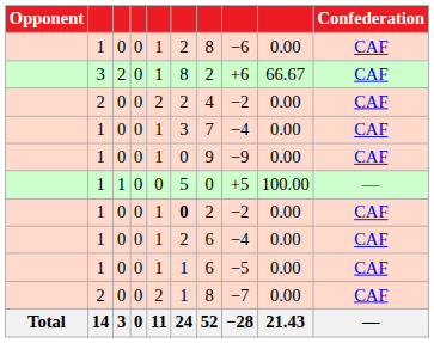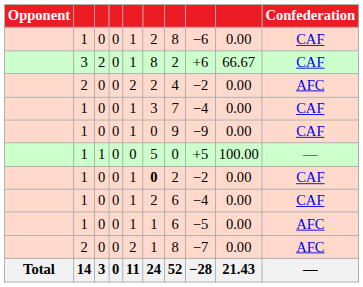 <table class="wikitable sortable" style="text-align:center;">
 <tr style="color:white">
 <th style="background-color:#ED1C24;color:white">Opponent</th>
 <th style="background-color:#ED1C24;"></th>
 <th style="background-color:#ED1C24;"></th>
 <th style="background-color:#ED1C24;"></th>
 <th style="background-color:#ED1C24;"></th>
 <th style="background-color:#ED1C24;"></th>
 <th style="background-color:#ED1C24;"></th>
 <th style="background-color:#ED1C24;"></th>
 <th style="background-color:#ED1C24;"></th>
 <th style="background-color:#ED1C24;color:white">Confederation</th>
 </tr>
 <tr bgcolor=FFDACC>
 <td style="text-align:left;"></td>
 <td>1</td>
 <td>0</td>
 <td>0</td>
 <td>1</td>
 <td>2</td>
 <td>8</td>
 <td>−6</td>
 <td>0.00</td>
 <td><a href='#'>CAF</a></td>
 </tr>
 <tr bgcolor=CCFFCC>
 <td style="text-align:left;"></td>
 <td>3</td>
 <td>2</td>
 <td>0</td>
 <td>1</td>
 <td>8</td>
 <td>2</td>
 <td>+6</td>
 <td>66.67</td>
 <td><a href='#'>CAF</a></td>
 </tr>
 <tr bgcolor=FFDACC>
 <td style="text-align:left;"></td>
 <td>2</td>
 <td>0</td>
 <td>0</td>
 <td>2</td>
 <td>2</td>
 <td>4</td>
 <td>−2</td>
 <td>0.00</td>
-<td><a href='#'>CAF</a></td>
+<td><a href='#'>AFC</a></td>
 </tr>
 <tr bgcolor=FFDACC>
 <td style="text-align:left;"></td>
 <td>1</td>
 <td>0</td>
 <td>0</td>
 <td>1</td>
 <td>3</td>
 <td>7</td>
 <td>−4</td>
 <td>0.00</td>
 <td><a href='#'>CAF</a></td>
 </tr>
 <tr bgcolor=FFDACC>
 <td style="text-align:left;"></td>
 <td>1</td>
 <td>0</td>
 <td>0</td>
 <td>1</td>
 <td>0</td>
 <td>9</td>
 <td>−9</td>
 <td>0.00</td>
 <td><a href='#'>CAF</a></td>
 </tr>
 <tr bgcolor=CCFFCC>
 <td style="text-align:left;"></td>
 <td>1</td>
 <td>1</td>
 <td>0</td>
 <td>0</td>
 <td>5</td>
 <td>0</td>
 <td>+5</td>
 <td>100.00</td>
 <td>—</td>
 </tr>
 <tr bgcolor=FFDACC>
 <td style="text-align:left;"></td>
 <td>1</td>
 <td>0</td>
 <td>0</td>
 <td>1</td>
 <td><strong>0</strong></td>
 <td>2</td>
 <td>−2</td>
 <td>0.00</td>
 <td><a href='#'>CAF</a></td>
 </tr>
 <tr bgcolor=FFDACC>
 <td style="text-align:left;"></td>
 <td>1</td>
 <td>0</td>
 <td>0</td>
 <td>1</td>
 <td>2</td>
 <td>6</td>
 <td>−4</td>
 <td>0.00</td>
 <td><a href='#'>CAF</a></td>
 </tr>
 <tr bgcolor=FFDACC>
 <td style="text-align:left;"></td>
 <td>1</td>
 <td>0</td>
 <td>0</td>
 <td>1</td>
 <td>1</td>
 <td>6</td>
 <td>−5</td>
 <td>0.00</td>
-<td><a href='#'>CAF</a></td>
+<td><a href='#'>AFC</a></td>
 </tr>
 <tr bgcolor=FFDACC>
 <td style="text-align:left;"></td>
 <td>2</td>
 <td>0</td>
 <td>0</td>
 <td>2</td>
 <td>1</td>
 <td>8</td>
 <td>−7</td>
 <td>0.00</td>
-<td><a href='#'>CAF</a></td>
+<td><a href='#'>AFC</a></td>
 </tr>
 <tr>
 <th>Total</th>
 <th>14</th>
 <th>3</th>
 <th>0</th>
 <th>11</th>
 <th>24</th>
 <th>52</th>
 <th>−28</th>
 <th>21.43</th>
 <th>—</th>
 </tr>
 </table>
